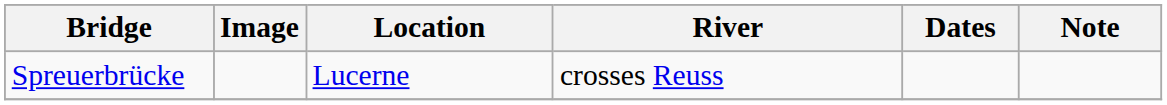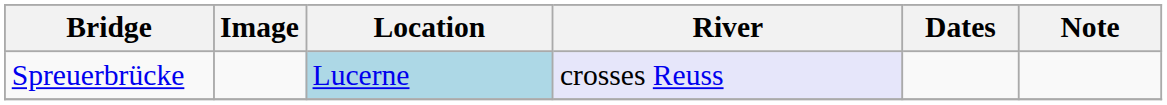 <table class="wikitable sortable">
 <tr>
 <th width = 18%>Bridge</th>
 <th width = 8% class="unsortable">Image</th>
 <th>Location</th>
 <th>River</th>
 <th width = 10%>Dates</th>
 <th class="unsortable">Note</th>
 </tr>
 <tr>
 <td><a href='#'>Spreuerbrücke</a></td>
 <td></td>
-<td><a href='#'>Lucerne</a><br><small></small></td>
-<td>crosses <a href='#'>Reuss</a></td>
+<td style="background: lightblue;"><a href='#'>Lucerne</a><br><small></small></td>
+<td style="background: lavender;">crosses <a href='#'>Reuss</a></td>
 <td></td>
 <td></td>
 </tr>
 <tr>
 </tr>
 </table>
